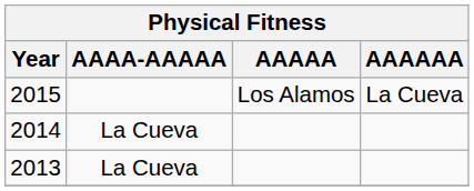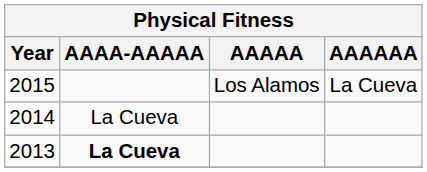 <table class="wikitable" style="text-align:center">
 <tr>
 <th colspan="4">Physical Fitness</th>
 </tr>
 <tr>
 <th>Year</th>
 <th>AAAA-AAAAA</th>
 <th>AAAAA</th>
 <th>AAAAAA</th>
 </tr>
 <tr>
 <td>2015</td>
 <td></td>
 <td>Los Alamos</td>
 <td>La Cueva</td>
 </tr>
 <tr>
 <td>2014</td>
 <td>La Cueva</td>
 <td></td>
 <td></td>
 </tr>
 <tr>
 <td>2013</td>
-<td>La Cueva</td>
+<td><strong>La Cueva</strong></td>
 <td></td>
 <td></td>
 </tr>
 <tr>
 </tr>
 </table>
